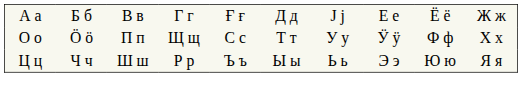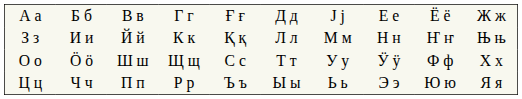 <table style="font-family:Arial Unicode MS; font-size:1.4em; border-color:#000000; border-width:1px; border-style:solid; border-collapse:collapse; text-align:right; background-color:#F8F8EF">
 <tr>
 <td style="width:3em; text-align:center; padding: 3px;">А а</td>
 <td style="width:3em; text-align:center; padding: 3px;">Б б</td>
 <td style="width:3em; text-align:center; padding: 3px;">В в</td>
 <td style="width:3em; text-align:center; padding: 3px;">Г г</td>
 <td style="width:3em; text-align:center; padding: 3px;">Ғ ғ</td>
 <td style="width:3em; text-align:center; padding: 3px;">Д д</td>
 <td style="width:3em; text-align:center; padding: 3px;">Ј ј</td>
 <td style="width:3em; text-align:center; padding: 3px;">Е е</td>
 <td style="width:3em; text-align:center; padding: 3px;">Ё ё</td>
 <td style="width:3em; text-align:center; padding: 3px;">Ж ж</td>
 </tr>
 <tr>
+<td style="width:3em; text-align:center; padding: 3px;">З з</td>
+<td style="width:3em; text-align:center; padding: 3px;">И и</td>
+<td style="width:3em; text-align:center; padding: 3px;">Й й</td>
+<td style="width:3em; text-align:center; padding: 3px;">К к</td>
+<td style="width:3em; text-align:center; padding: 3px;">Қ қ</td>
+<td style="width:3em; text-align:center; padding: 3px;">Л л</td>
+<td style="width:3em; text-align:center; padding: 3px;">М м</td>
+<td style="width:3em; text-align:center; padding: 3px;">Н н</td>
+<td style="width:3em; text-align:center; padding: 3px;">Ҥ ҥ</td>
+<td style="width:3em; text-align:center; padding: 3px;">Њ њ</td>
+</tr>
+<tr>
 <td style="width:3em; text-align:center; padding: 3px;">О о</td>
 <td style="width:3em; text-align:center; padding: 3px;">Ӧ ӧ</td>
-<td style="width:3em; text-align:center; padding: 3px;">П п</td>
+<td style="width:3em; text-align:center; padding: 3px;">Ш ш</td>
 <td style="width:3em; text-align:center; padding: 3px;">Щ щ</td>
 <td style="width:3em; text-align:center; padding: 3px;">С с</td>
 <td style="width:3em; text-align:center; padding: 3px;">Т т</td>
 <td style="width:3em; text-align:center; padding: 3px;">У у</td>
 <td style="width:3em; text-align:center; padding: 3px;">Ӱ ӱ</td>
 <td style="width:3em; text-align:center; padding: 3px;">Ф ф</td>
 <td style="width:3em; text-align:center; padding: 3px;">Х х</td>
 </tr>
 <tr>
 <td style="width:3em; text-align:center; padding: 3px;">Ц ц</td>
 <td style="width:3em; text-align:center; padding: 3px;">Ч ч</td>
-<td style="width:3em; text-align:center; padding: 3px;">Ш ш</td>
+<td style="width:3em; text-align:center; padding: 3px;">П п</td>
 <td style="width:3em; text-align:center; padding: 3px;">Р р</td>
 <td style="width:3em; text-align:center; padding: 3px;">Ъ ъ</td>
 <td style="width:3em; text-align:center; padding: 3px;">Ы ы</td>
 <td style="width:3em; text-align:center; padding: 3px;">Ь ь</td>
 <td style="width:3em; text-align:center; padding: 3px;">Э э</td>
 <td style="width:3em; text-align:center; padding: 3px;">Ю ю</td>
 <td style="width:3em; text-align:center; padding: 3px;">Я я</td>
 </tr>
 </table>
